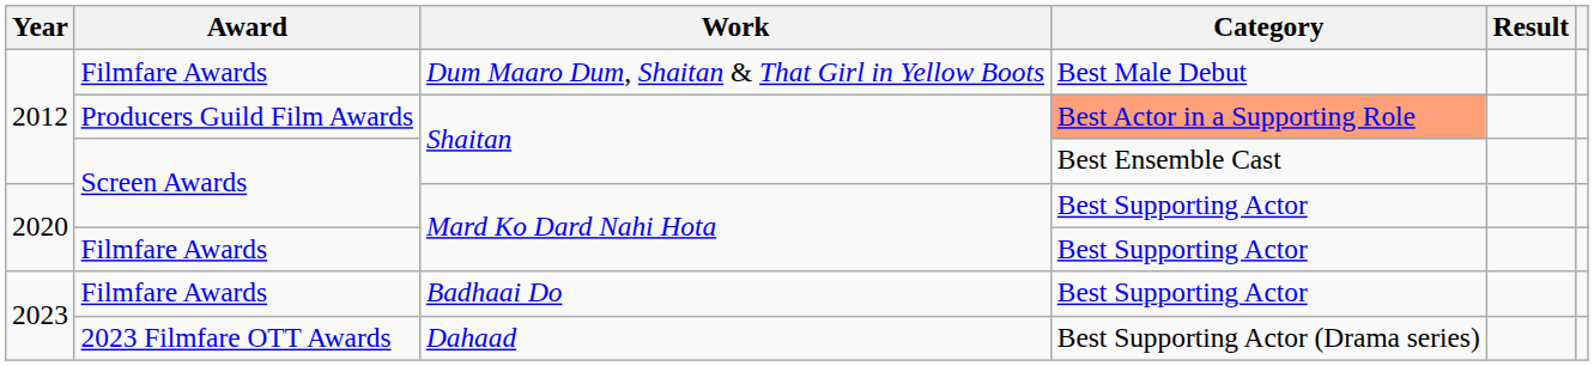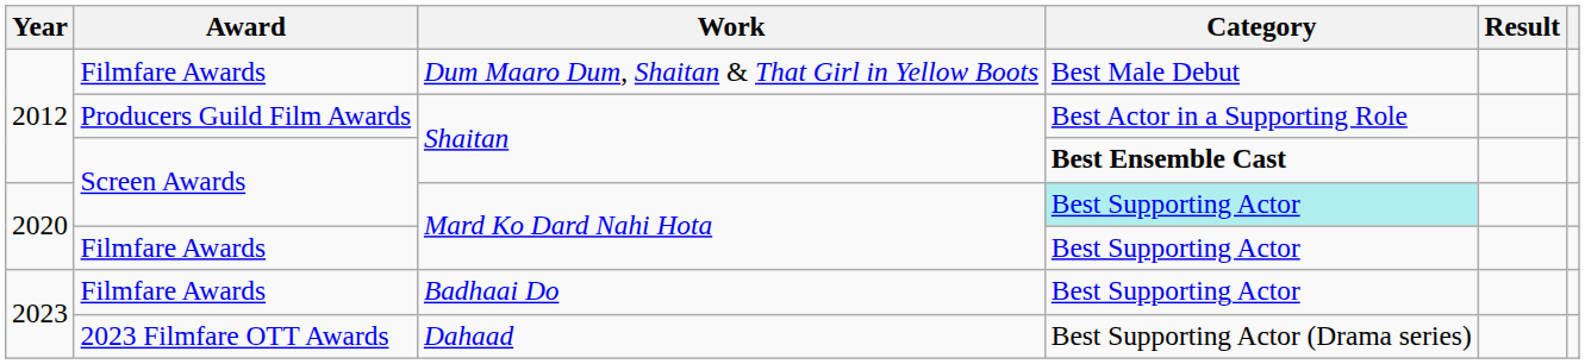 <table class="wikitable sortable plainrowheaders">
 <tr>
 <th scope="col">Year</th>
 <th scope="col">Award</th>
 <th scope="col">Work</th>
 <th scope="col">Category</th>
 <th scope="col">Result</th>
 <th scope="col" class="unsortable"></th>
 </tr>
 <tr>
 <td rowspan="3">2012</td>
 <td><a href='#'>Filmfare Awards</a></td>
 <td><em><a href='#'>Dum Maaro Dum</a></em>, <em><a href='#'>Shaitan</a></em> & <em><a href='#'>That Girl in Yellow Boots</a></em></td>
 <td><a href='#'>Best Male Debut</a></td>
 <td></td>
 <td></td>
 </tr>
 <tr>
 <td><a href='#'>Producers Guild Film Awards</a></td>
 <td rowspan="2"><em><a href='#'>Shaitan</a></em></td>
-<td style="background: lightsalmon;"><a href='#'>Best Actor in a Supporting Role</a></td>
+<td><a href='#'>Best Actor in a Supporting Role</a></td>
 <td></td>
 <td></td>
 </tr>
 <tr>
 <td rowspan="2"><a href='#'>Screen Awards</a></td>
-<td>Best Ensemble Cast</td>
+<td><strong>Best Ensemble Cast</strong></td>
 <td></td>
 <td></td>
 </tr>
 <tr>
 <td rowspan="2">2020</td>
 <td rowspan="2"><em><a href='#'>Mard Ko Dard Nahi Hota</a></em></td>
-<td><a href='#'>Best Supporting Actor</a></td>
+<td style="background: paleturquoise;"><a href='#'>Best Supporting Actor</a></td>
 <td></td>
 <td></td>
 </tr>
 <tr>
 <td><a href='#'>Filmfare Awards</a></td>
 <td><a href='#'>Best Supporting Actor</a></td>
 <td></td>
 <td></td>
 </tr>
 <tr>
 <td rowspan="2">2023</td>
 <td><a href='#'>Filmfare Awards</a></td>
 <td><em><a href='#'>Badhaai Do</a></em></td>
 <td><a href='#'>Best Supporting Actor</a></td>
 <td></td>
 <td></td>
 </tr>
 <tr>
 <td><a href='#'>2023 Filmfare OTT Awards</a></td>
 <td><em><a href='#'>Dahaad</a></em></td>
 <td>Best Supporting Actor (Drama series)</td>
 <td></td>
 <td></td>
 </tr>
 </table>
